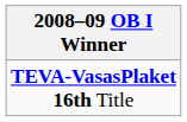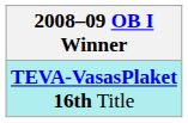 <table class=wikitable style="text-align:center; margin:auto">
 <tr>
 <th>2008–09 <a href='#'>OB I</a><br>Winner</th>
 </tr>
 <tr>
-<td align=center><strong><a href='#'>TEVA-VasasPlaket</a></strong><br><strong>16th</strong> Title</td>
+<td align=center style="background: paleturquoise;"><strong><a href='#'>TEVA-VasasPlaket</a></strong><br><strong>16th</strong> Title</td>
 </tr>
 </table>
